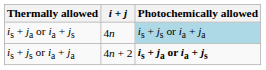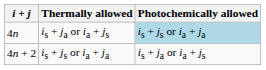 <table class="wikitable">
 <tr>
+<th><em>i</em> + <em>j</em></th>
 <th>Thermally allowed</th>
-<th><em>i</em> + <em>j</em></th>
 <th>Photochemically allowed</th>
 </tr>
 <tr>
+<td>4<em>n</em></td>
 <td><em>i</em><sub>s</sub> + <em>j</em><sub>a</sub> or <em>i</em><sub>a</sub> + <em>j</em><sub>s</sub></td>
-<td>4<em>n</em></td>
 <td style="background: lightblue;"><em>i</em><sub>s</sub> + <em>j</em><sub>s</sub> or <em>i</em><sub>a</sub> + <em>j</em><sub>a</sub></td>
 </tr>
 <tr>
+<td>4<em>n</em> + 2</td>
 <td><em>i</em><sub>s</sub> + <em>j</em><sub>s</sub> or <em>i</em><sub>a</sub> + <em>j</em><sub>a</sub></td>
-<td>4<em>n</em> + 2</td>
-<td><strong><em>i</em><sub>s</sub> + <em>j</em><sub>a</sub> or <em>i</em><sub>a</sub> + <em>j</em><sub>s</sub></strong></td>
+<td><em>i</em><sub>s</sub> + <em>j</em><sub>a</sub> or <em>i</em><sub>a</sub> + <em>j</em><sub>s</sub></td>
 </tr>
 </table>
